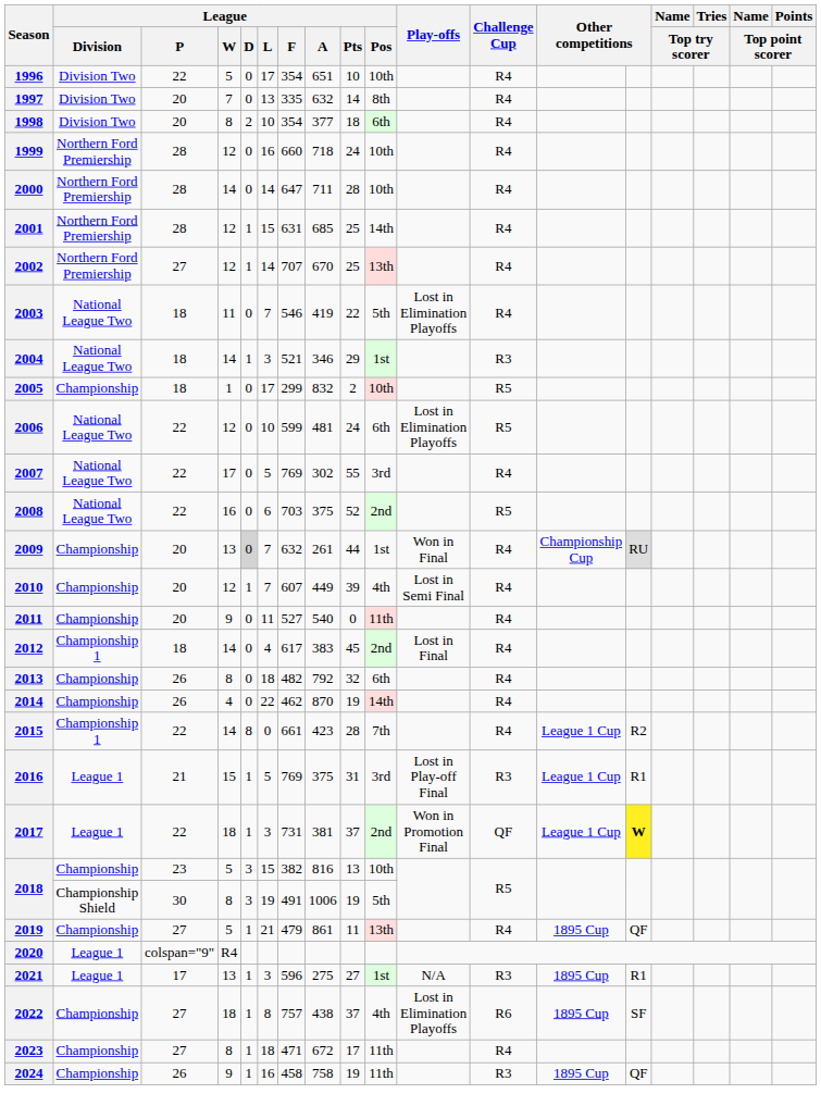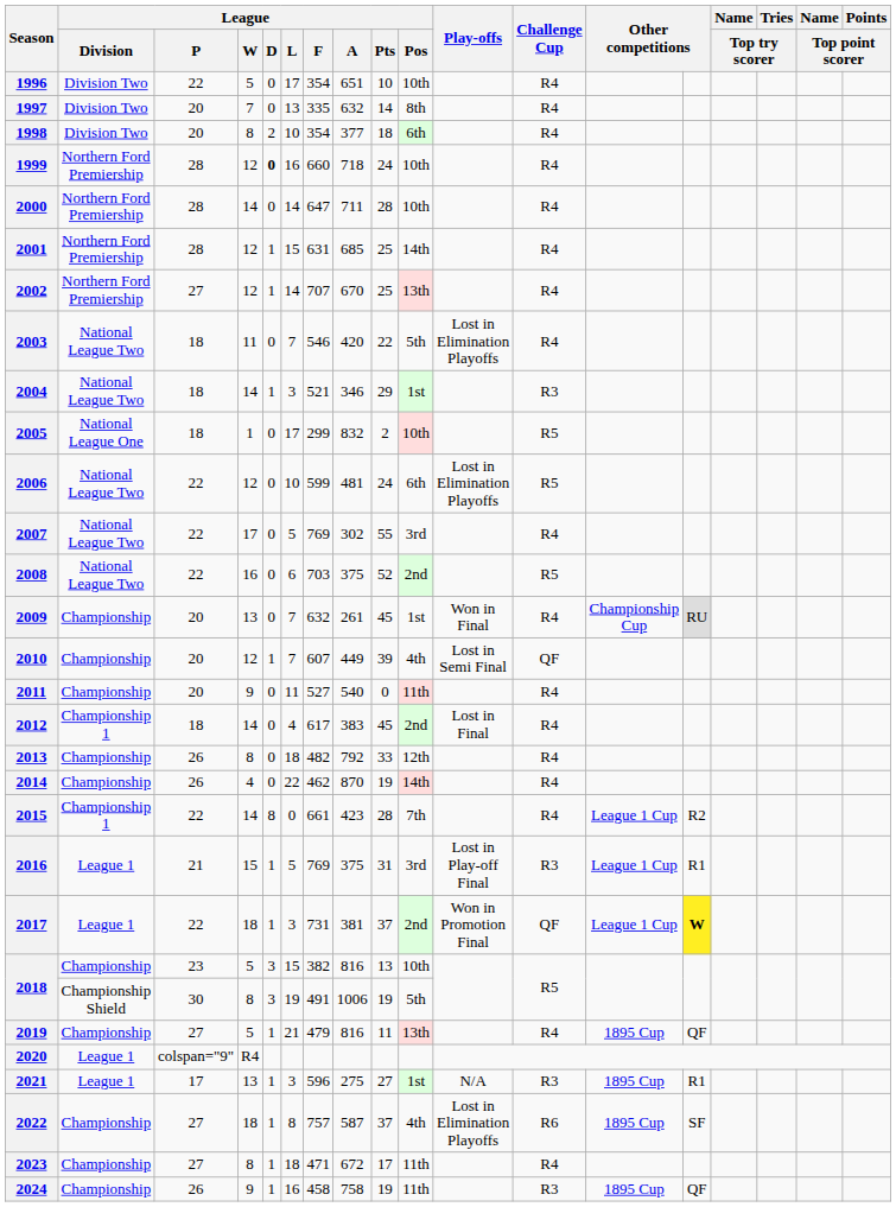 <table class="wikitable" style="text-align: center">
 <tr>
 <th rowspan="2" scope="col">Season</th>
 <th colspan="9" scope="col">League</th>
 <th rowspan="2" scope="col"><a href='#'>Play-offs</a></th>
 <th rowspan="2" scope="col"><a href='#'>Challenge Cup</a></th>
 <th colspan="2" rowspan="2" scope="col">Other competitions</th>
 <th scope="col">Name</th>
 <th scope="col">Tries</th>
 <th scope="col">Name</th>
 <th scope="col">Points</th>
 </tr>
 <tr>
 <th scope="col">Division</th>
 <th scope="col">P</th>
 <th scope="col">W</th>
 <th scope="col">D</th>
 <th scope="col">L</th>
 <th scope="col">F</th>
 <th scope="col">A</th>
 <th scope="col">Pts</th>
 <th scope="col">Pos</th>
 <th colspan="2" scope="col">Top try scorer</th>
 <th colspan="2" scope="col">Top point scorer</th>
 </tr>
 <tr>
 <th scope="row"><a href='#'>1996</a></th>
 <td><a href='#'>Division Two</a></td>
 <td>22</td>
 <td>5</td>
 <td>0</td>
 <td>17</td>
 <td>354</td>
 <td>651</td>
 <td>10</td>
 <td>10th</td>
 <td></td>
 <td>R4</td>
 <td></td>
 <td></td>
 <td></td>
 <td></td>
 <td></td>
 <td></td>
 </tr>
 <tr>
 <th scope="row"><a href='#'>1997</a></th>
 <td><a href='#'>Division Two</a></td>
 <td>20</td>
 <td>7</td>
 <td>0</td>
 <td>13</td>
 <td>335</td>
 <td>632</td>
 <td>14</td>
 <td>8th</td>
 <td></td>
 <td>R4</td>
 <td></td>
 <td></td>
 <td></td>
 <td></td>
 <td></td>
 <td></td>
 </tr>
 <tr>
 <th scope="row"><a href='#'>1998</a></th>
 <td><a href='#'>Division Two</a></td>
 <td>20</td>
 <td>8</td>
 <td>2</td>
 <td>10</td>
 <td>354</td>
 <td>377</td>
 <td>18</td>
 <td style="background:#ddffdd;">6th</td>
 <td></td>
 <td>R4</td>
 <td></td>
 <td></td>
 <td></td>
 <td></td>
 <td></td>
 <td></td>
 </tr>
 <tr>
 <th scope="row"><a href='#'>1999</a></th>
 <td><a href='#'>Northern Ford Premiership</a></td>
 <td>28</td>
 <td>12</td>
-<td>0</td>
+<td><strong>0</strong></td>
 <td>16</td>
 <td>660</td>
 <td>718</td>
 <td>24</td>
 <td>10th</td>
 <td></td>
 <td>R4</td>
 <td></td>
 <td></td>
 <td></td>
 <td></td>
 <td></td>
 <td></td>
 </tr>
 <tr>
 <th scope="row"><a href='#'>2000</a></th>
 <td><a href='#'>Northern Ford Premiership</a></td>
 <td>28</td>
 <td>14</td>
 <td>0</td>
 <td>14</td>
 <td>647</td>
 <td>711</td>
 <td>28</td>
 <td>10th</td>
 <td></td>
 <td>R4</td>
 <td></td>
 <td></td>
 <td></td>
 <td></td>
 <td></td>
 <td></td>
 </tr>
 <tr>
 <th scope="row"><a href='#'>2001</a></th>
 <td><a href='#'>Northern Ford Premiership</a></td>
 <td>28</td>
 <td>12</td>
 <td>1</td>
 <td>15</td>
 <td>631</td>
 <td>685</td>
 <td>25</td>
 <td>14th</td>
 <td></td>
 <td>R4</td>
 <td></td>
 <td></td>
 <td></td>
 <td></td>
 <td></td>
 <td></td>
 </tr>
 <tr>
 <th scope="row"><a href='#'>2002</a></th>
 <td><a href='#'>Northern Ford Premiership</a></td>
 <td>27</td>
 <td>12</td>
 <td>1</td>
 <td>14</td>
 <td>707</td>
 <td>670</td>
 <td>25</td>
 <td style="background:#ffdddd;">13th</td>
 <td></td>
 <td>R4</td>
 <td></td>
 <td></td>
 <td></td>
 <td></td>
 <td></td>
 <td></td>
 </tr>
 <tr>
 <th scope="row"><a href='#'>2003</a></th>
 <td><a href='#'>National League Two</a></td>
 <td>18</td>
 <td>11</td>
 <td>0</td>
 <td>7</td>
 <td>546</td>
-<td>419</td>
+<td>420</td>
 <td>22</td>
 <td>5th</td>
 <td>Lost in Elimination Playoffs</td>
 <td>R4</td>
 <td></td>
 <td></td>
 <td></td>
 <td></td>
 <td></td>
 <td></td>
 </tr>
 <tr>
 <th scope="row"><a href='#'>2004</a></th>
 <td><a href='#'>National League Two</a></td>
 <td>18</td>
 <td>14</td>
 <td>1</td>
 <td>3</td>
 <td>521</td>
 <td>346</td>
 <td>29</td>
 <td style="background:#ddffdd;">1st</td>
 <td></td>
 <td>R3</td>
 <td></td>
 <td></td>
 <td></td>
 <td></td>
 <td></td>
 <td></td>
 </tr>
 <tr>
 <th scope="row"><a href='#'>2005</a></th>
-<td><a href='#'>Championship</a></td>
+<td><a href='#'>National League One</a></td>
 <td>18</td>
 <td>1</td>
 <td>0</td>
 <td>17</td>
 <td>299</td>
 <td>832</td>
 <td>2</td>
 <td style="background:#ffdddd;">10th</td>
 <td></td>
 <td>R5</td>
 <td></td>
 <td></td>
 <td></td>
 <td></td>
 <td></td>
 <td></td>
 </tr>
 <tr>
 <th scope="row"><a href='#'>2006</a></th>
 <td><a href='#'>National League Two</a></td>
 <td>22</td>
 <td>12</td>
 <td>0</td>
 <td>10</td>
 <td>599</td>
 <td>481</td>
 <td>24</td>
 <td>6th</td>
 <td>Lost in Elimination Playoffs</td>
 <td>R5</td>
 <td></td>
 <td></td>
 <td></td>
 <td></td>
 <td></td>
 <td></td>
 </tr>
 <tr>
 <th scope="row"><a href='#'>2007</a></th>
 <td><a href='#'>National League Two</a></td>
 <td>22</td>
 <td>17</td>
 <td>0</td>
 <td>5</td>
 <td>769</td>
 <td>302</td>
 <td>55</td>
 <td>3rd</td>
 <td></td>
 <td>R4</td>
 <td></td>
 <td></td>
 <td></td>
 <td></td>
 <td></td>
 <td></td>
 </tr>
 <tr>
 <th scope="row"><a href='#'>2008</a></th>
 <td><a href='#'>National League Two</a></td>
 <td>22</td>
 <td>16</td>
 <td>0</td>
 <td>6</td>
 <td>703</td>
 <td>375</td>
 <td>52</td>
 <td style="background:#ddffdd;">2nd</td>
 <td></td>
 <td>R5</td>
 <td></td>
 <td></td>
 <td></td>
 <td></td>
 <td></td>
 <td></td>
 </tr>
 <tr>
 <th scope="row"><a href='#'>2009</a></th>
 <td><a href='#'>Championship</a></td>
 <td>20</td>
 <td>13</td>
-<td style="background: lightgrey;">0</td>
+<td>0</td>
 <td>7</td>
 <td>632</td>
 <td>261</td>
-<td>44</td>
+<td>45</td>
 <td>1st</td>
 <td>Won in Final</td>
 <td>R4</td>
 <td><a href='#'>Championship Cup</a></td>
 <td style="background-color:#DDD">RU</td>
 <td></td>
 <td></td>
 <td></td>
 <td></td>
 </tr>
 <tr>
 <th scope="row"><a href='#'>2010</a></th>
 <td><a href='#'>Championship</a></td>
 <td>20</td>
 <td>12</td>
 <td>1</td>
 <td>7</td>
 <td>607</td>
 <td>449</td>
 <td>39</td>
 <td>4th</td>
 <td>Lost in Semi Final</td>
-<td>R4</td>
+<td>QF</td>
 <td></td>
 <td></td>
 <td></td>
 <td></td>
 <td></td>
 <td></td>
 </tr>
 <tr>
 <th scope="row"><a href='#'>2011</a></th>
 <td><a href='#'>Championship</a></td>
 <td>20</td>
 <td>9</td>
 <td>0</td>
 <td>11</td>
 <td>527</td>
 <td>540</td>
 <td>0</td>
 <td style="background:#ffdddd;">11th</td>
 <td></td>
 <td>R4</td>
 <td></td>
 <td></td>
 <td></td>
 <td></td>
 <td></td>
 <td></td>
 </tr>
 <tr>
 <th scope="row"><a href='#'>2012</a></th>
 <td><a href='#'>Championship 1</a></td>
 <td>18</td>
 <td>14</td>
 <td>0</td>
 <td>4</td>
 <td>617</td>
 <td>383</td>
 <td>45</td>
 <td style="background:#ddffdd;">2nd</td>
 <td>Lost in Final</td>
 <td>R4</td>
 <td></td>
 <td></td>
 <td></td>
 <td></td>
 <td></td>
 <td></td>
 </tr>
 <tr>
 <th scope="row"><a href='#'>2013</a></th>
 <td><a href='#'>Championship</a></td>
 <td>26</td>
 <td>8</td>
 <td>0</td>
 <td>18</td>
 <td>482</td>
 <td>792</td>
-<td>32</td>
-<td>6th</td>
+<td>33</td>
+<td>12th</td>
 <td></td>
 <td>R4</td>
 <td></td>
 <td></td>
 <td></td>
 <td></td>
 <td></td>
 <td></td>
 </tr>
 <tr>
 <th scope="row"><a href='#'>2014</a></th>
 <td><a href='#'>Championship</a></td>
 <td>26</td>
 <td>4</td>
 <td>0</td>
 <td>22</td>
 <td>462</td>
 <td>870</td>
 <td>19</td>
 <td style="background:#ffdddd;">14th</td>
 <td></td>
 <td>R4</td>
 <td></td>
 <td></td>
 <td></td>
 <td></td>
 <td></td>
 <td></td>
 </tr>
 <tr>
 <th scope="row"><a href='#'>2015</a></th>
 <td><a href='#'>Championship 1</a></td>
 <td>22</td>
 <td>14</td>
 <td>8</td>
 <td>0</td>
 <td>661</td>
 <td>423</td>
 <td>28</td>
 <td>7th</td>
 <td></td>
 <td>R4</td>
 <td><a href='#'>League 1 Cup</a></td>
 <td>R2</td>
 <td></td>
 <td></td>
 <td></td>
 <td></td>
 </tr>
 <tr>
 <th scope="row"><a href='#'>2016</a></th>
 <td><a href='#'>League 1</a></td>
 <td>21</td>
 <td>15</td>
 <td>1</td>
 <td>5</td>
 <td>769</td>
 <td>375</td>
 <td>31</td>
 <td>3rd</td>
 <td>Lost in Play-off Final</td>
 <td>R3</td>
 <td><a href='#'>League 1 Cup</a></td>
 <td>R1</td>
 <td></td>
 <td></td>
 <td></td>
 <td></td>
 </tr>
 <tr>
 <th scope="row"><a href='#'>2017</a></th>
 <td><a href='#'>League 1</a></td>
 <td>22</td>
 <td>18</td>
 <td>1</td>
 <td>3</td>
 <td>731</td>
 <td>381</td>
 <td>37</td>
 <td style="background:#ddffdd;">2nd</td>
 <td>Won in Promotion Final</td>
 <td>QF</td>
 <td><a href='#'>League 1 Cup</a></td>
 <td style="background-color:#FE2"><strong>W</strong></td>
 <td></td>
 <td></td>
 <td></td>
 <td></td>
 </tr>
 <tr>
 <th scope="row" rowspan="2"><a href='#'>2018</a></th>
 <td><a href='#'>Championship</a></td>
 <td>23</td>
 <td>5</td>
 <td>3</td>
 <td>15</td>
 <td>382</td>
 <td>816</td>
 <td>13</td>
 <td>10th</td>
 <td rowspan="2"></td>
 <td rowspan="2">R5</td>
 <td rowspan="2"></td>
 <td rowspan="2"></td>
 <td rowspan="2"></td>
 <td rowspan="2"></td>
 <td rowspan="2"></td>
 <td rowspan="2"></td>
 </tr>
 <tr>
 <td>Championship Shield</td>
 <td>30</td>
 <td>8</td>
 <td>3</td>
 <td>19</td>
 <td>491</td>
 <td>1006</td>
 <td>19</td>
 <td>5th</td>
 </tr>
 <tr>
 <th scope="row"><a href='#'>2019</a></th>
 <td><a href='#'>Championship</a></td>
 <td>27</td>
 <td>5</td>
 <td>1</td>
 <td>21</td>
 <td>479</td>
-<td>861</td>
+<td>816</td>
 <td>11</td>
 <td style="background:#ffdddd;">13th</td>
 <td></td>
 <td>R4</td>
 <td><a href='#'>1895 Cup</a></td>
 <td>QF</td>
 <td></td>
 <td></td>
 <td></td>
 <td></td>
 </tr>
 <tr>
 <th scope="row"><a href='#'>2020</a></th>
 <td><a href='#'>League 1</a></td>
 <td>colspan="9"</td>
 <td>R4</td>
 <td></td>
 <td></td>
 <td></td>
 <td></td>
 <td></td>
 <td></td>
 </tr>
 <tr>
 <th scope="row"><a href='#'>2021</a></th>
 <td><a href='#'>League 1</a></td>
 <td>17</td>
 <td>13</td>
 <td>1</td>
 <td>3</td>
 <td>596</td>
 <td>275</td>
 <td>27</td>
 <td style="background:#ddffdd;">1st</td>
 <td>N/A</td>
 <td>R3</td>
 <td><a href='#'>1895 Cup</a></td>
 <td>R1</td>
 <td></td>
 <td></td>
 <td></td>
 <td></td>
 </tr>
 <tr>
 <th scope="row"><a href='#'>2022</a></th>
 <td><a href='#'>Championship</a></td>
 <td>27</td>
 <td>18</td>
 <td>1</td>
 <td>8</td>
 <td>757</td>
-<td>438</td>
+<td>587</td>
 <td>37</td>
 <td>4th</td>
 <td>Lost in Elimination Playoffs</td>
 <td>R6</td>
 <td><a href='#'>1895 Cup</a></td>
 <td>SF</td>
 <td></td>
 <td></td>
 <td></td>
 <td></td>
 </tr>
 <tr>
 <th scope="row"><a href='#'>2023</a></th>
 <td><a href='#'>Championship</a></td>
 <td>27</td>
 <td>8</td>
 <td>1</td>
 <td>18</td>
 <td>471</td>
 <td>672</td>
 <td>17</td>
 <td>11th</td>
 <td></td>
 <td>R4</td>
 <td></td>
 <td></td>
 <td></td>
 <td></td>
 <td></td>
 <td></td>
 </tr>
 <tr>
 <th scope="row"><a href='#'>2024</a></th>
 <td><a href='#'>Championship</a></td>
 <td>26</td>
 <td>9</td>
 <td>1</td>
 <td>16</td>
 <td>458</td>
 <td>758</td>
 <td>19</td>
 <td>11th</td>
 <td></td>
 <td>R3</td>
 <td><a href='#'>1895 Cup</a></td>
 <td>QF</td>
 <td></td>
 <td></td>
 <td></td>
 <td></td>
 </tr>
 </table>
